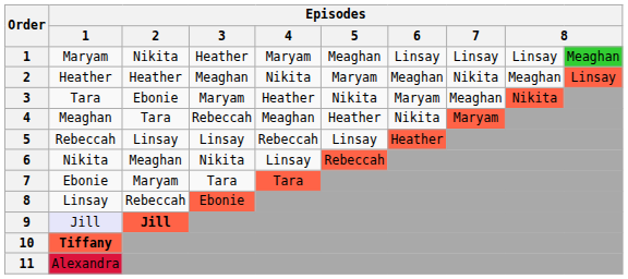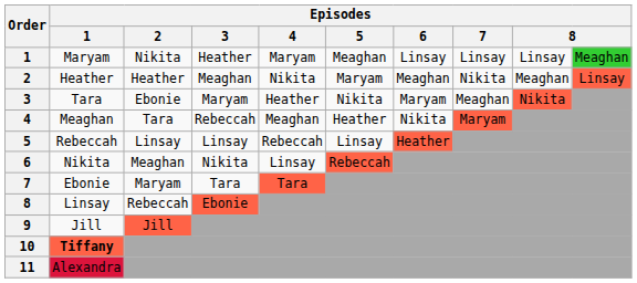 <table class="wikitable" style="text-align:center; font-size:92%">
 <tr>
 <th rowspan=2>Order</th>
 <th colspan=13>Episodes</th>
 </tr>
 <tr>
 <th>1</th>
 <th>2</th>
 <th>3</th>
 <th>4</th>
 <th>5</th>
 <th>6</th>
 <th>7</th>
 <th colspan=2>8</th>
 </tr>
 <tr>
 <th>1</th>
 <td>Maryam</td>
 <td>Nikita</td>
 <td>Heather</td>
 <td>Maryam</td>
 <td>Meaghan</td>
 <td>Linsay</td>
 <td>Linsay</td>
 <td>Linsay</td>
 <td style="background:limegreen;">Meaghan</td>
 </tr>
 <tr>
 <th>2</th>
 <td>Heather</td>
 <td>Heather</td>
 <td>Meaghan</td>
 <td>Nikita</td>
 <td>Maryam</td>
 <td>Meaghan</td>
 <td>Nikita</td>
 <td>Meaghan</td>
 <td style="background:tomato;">Linsay</td>
 </tr>
 <tr>
 <th>3</th>
 <td>Tara</td>
 <td>Ebonie</td>
 <td>Maryam</td>
 <td>Heather</td>
 <td>Nikita</td>
 <td>Maryam</td>
 <td>Meaghan</td>
 <td style="background:tomato;">Nikita</td>
 <td style="background:darkgrey;"></td>
 </tr>
 <tr>
 <th>4</th>
 <td>Meaghan</td>
 <td>Tara</td>
 <td>Rebeccah</td>
 <td>Meaghan</td>
 <td>Heather</td>
 <td>Nikita</td>
 <td style="background:tomato;">Maryam</td>
 <td style="background:darkgrey;" colspan="2"></td>
 </tr>
 <tr>
 <th>5</th>
 <td>Rebeccah</td>
 <td>Linsay</td>
 <td>Linsay</td>
 <td>Rebeccah</td>
 <td>Linsay</td>
 <td style="background:tomato;">Heather</td>
 <td style="background:darkgrey;" colspan="3"></td>
 </tr>
 <tr>
 <th>6</th>
 <td>Nikita</td>
 <td>Meaghan</td>
 <td>Nikita</td>
 <td>Linsay</td>
 <td style="background:tomato;">Rebeccah</td>
 <td style="background-color:darkgrey; background-color:darkgrey;" colspan="4"></td>
 </tr>
 <tr>
 <th>7</th>
 <td>Ebonie</td>
 <td>Maryam</td>
 <td>Tara</td>
 <td style="background:tomato;">Tara</td>
 <td colspan="5" style="background:darkgrey;"></td>
 </tr>
 <tr>
 <th>8</th>
 <td>Linsay</td>
 <td>Rebeccah</td>
 <td style="background:tomato;">Ebonie</td>
 <td style="background:darkgrey;" colspan="6"></td>
 </tr>
 <tr>
 <th>9</th>
-<td style="background: lavender;">Jill</td>
-<td style="background:tomato;"><strong>Jill</strong></td>
+<td>Jill</td>
+<td style="background:tomato;">Jill</td>
 <td style="background:darkgrey;" colspan="7"></td>
 </tr>
 <tr>
 <th>10</th>
 <td style="background:tomato;"><strong>Tiffany</strong></td>
 <td style="background:darkgrey;" colspan="8"></td>
 </tr>
 <tr>
 <th>11</th>
 <td bgcolor="crimson"><span>Alexandra</span></td>
 <td colspan="8" style="background:darkgrey;"></td>
 </tr>
 </table>
